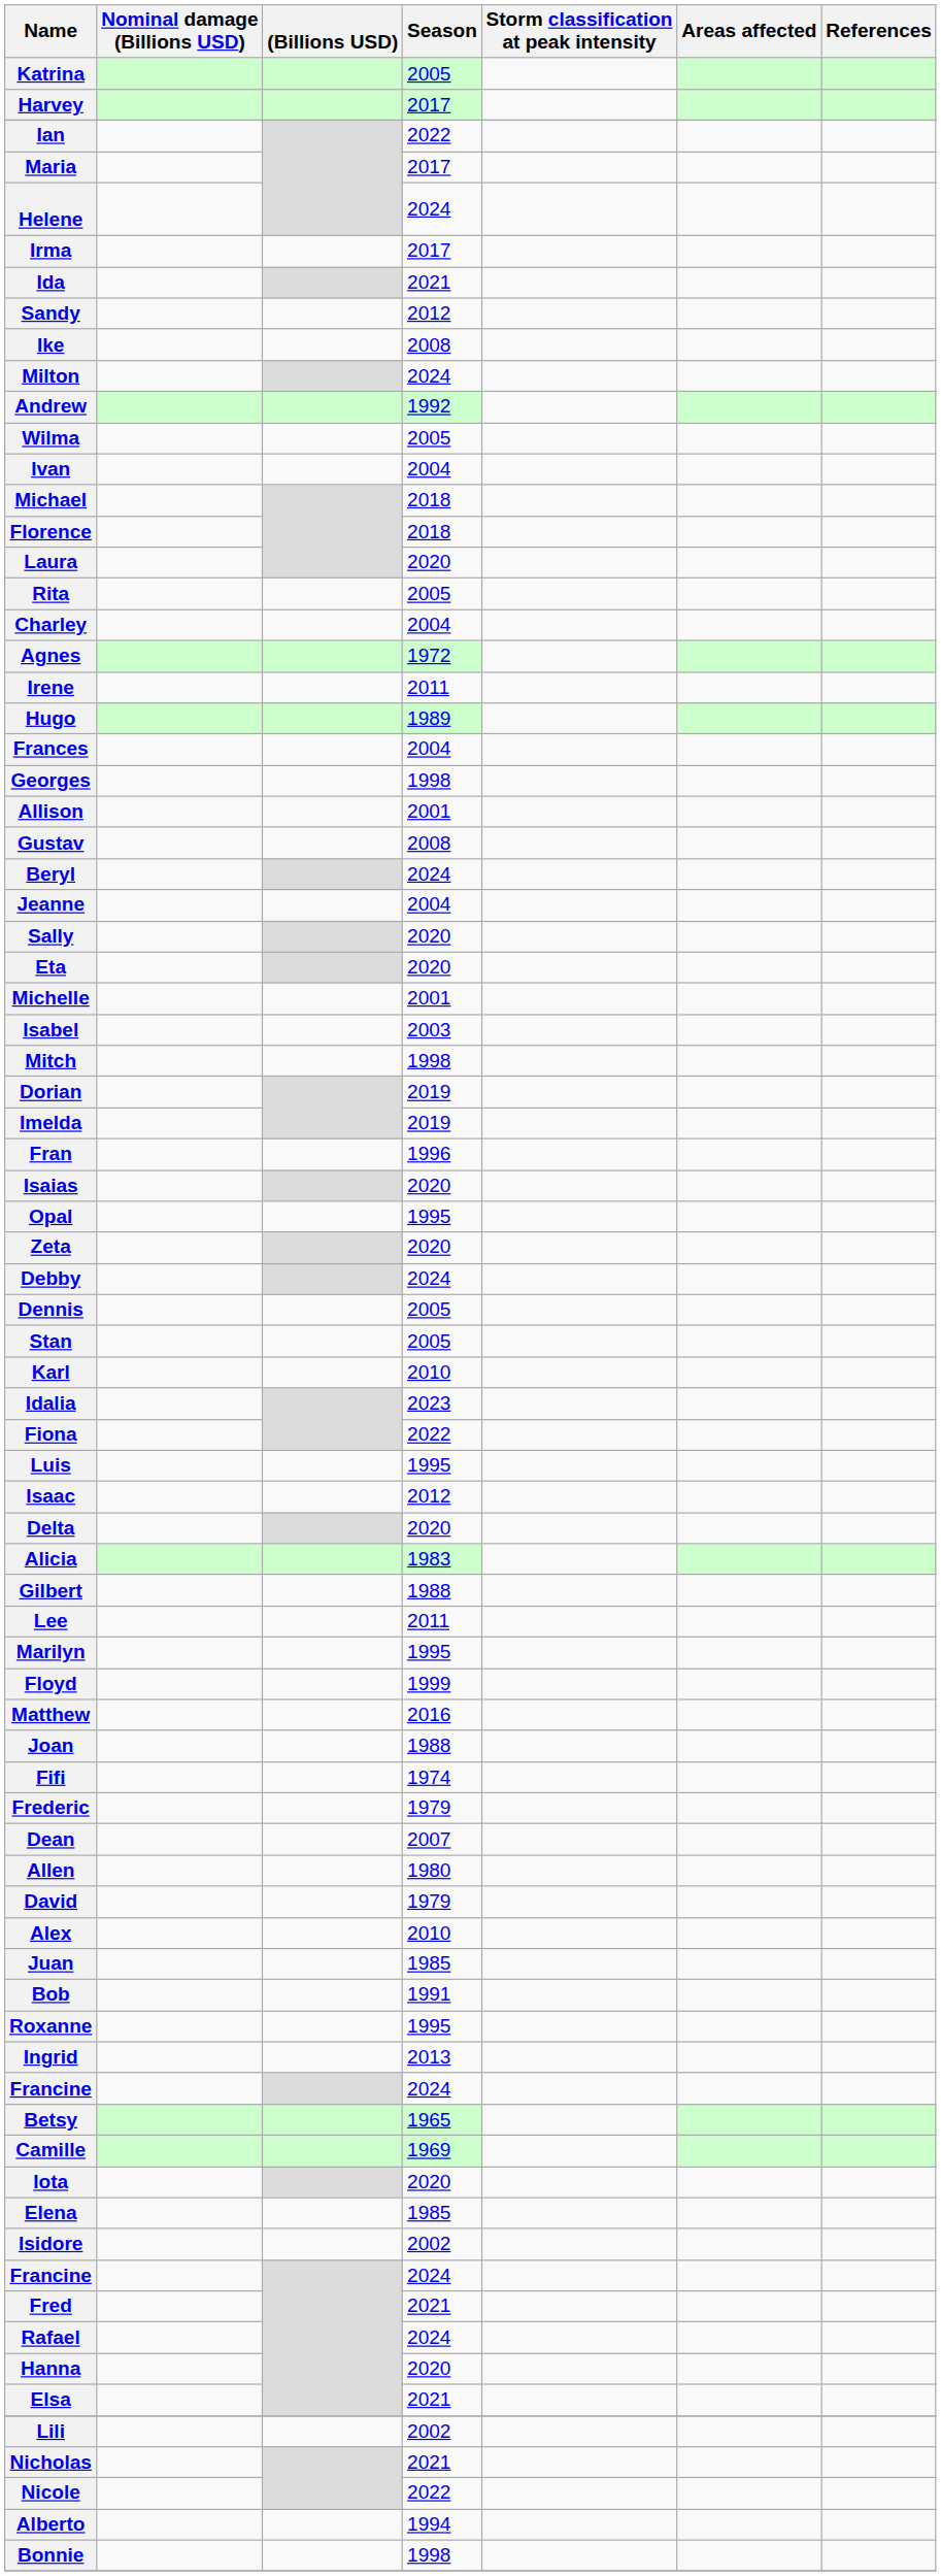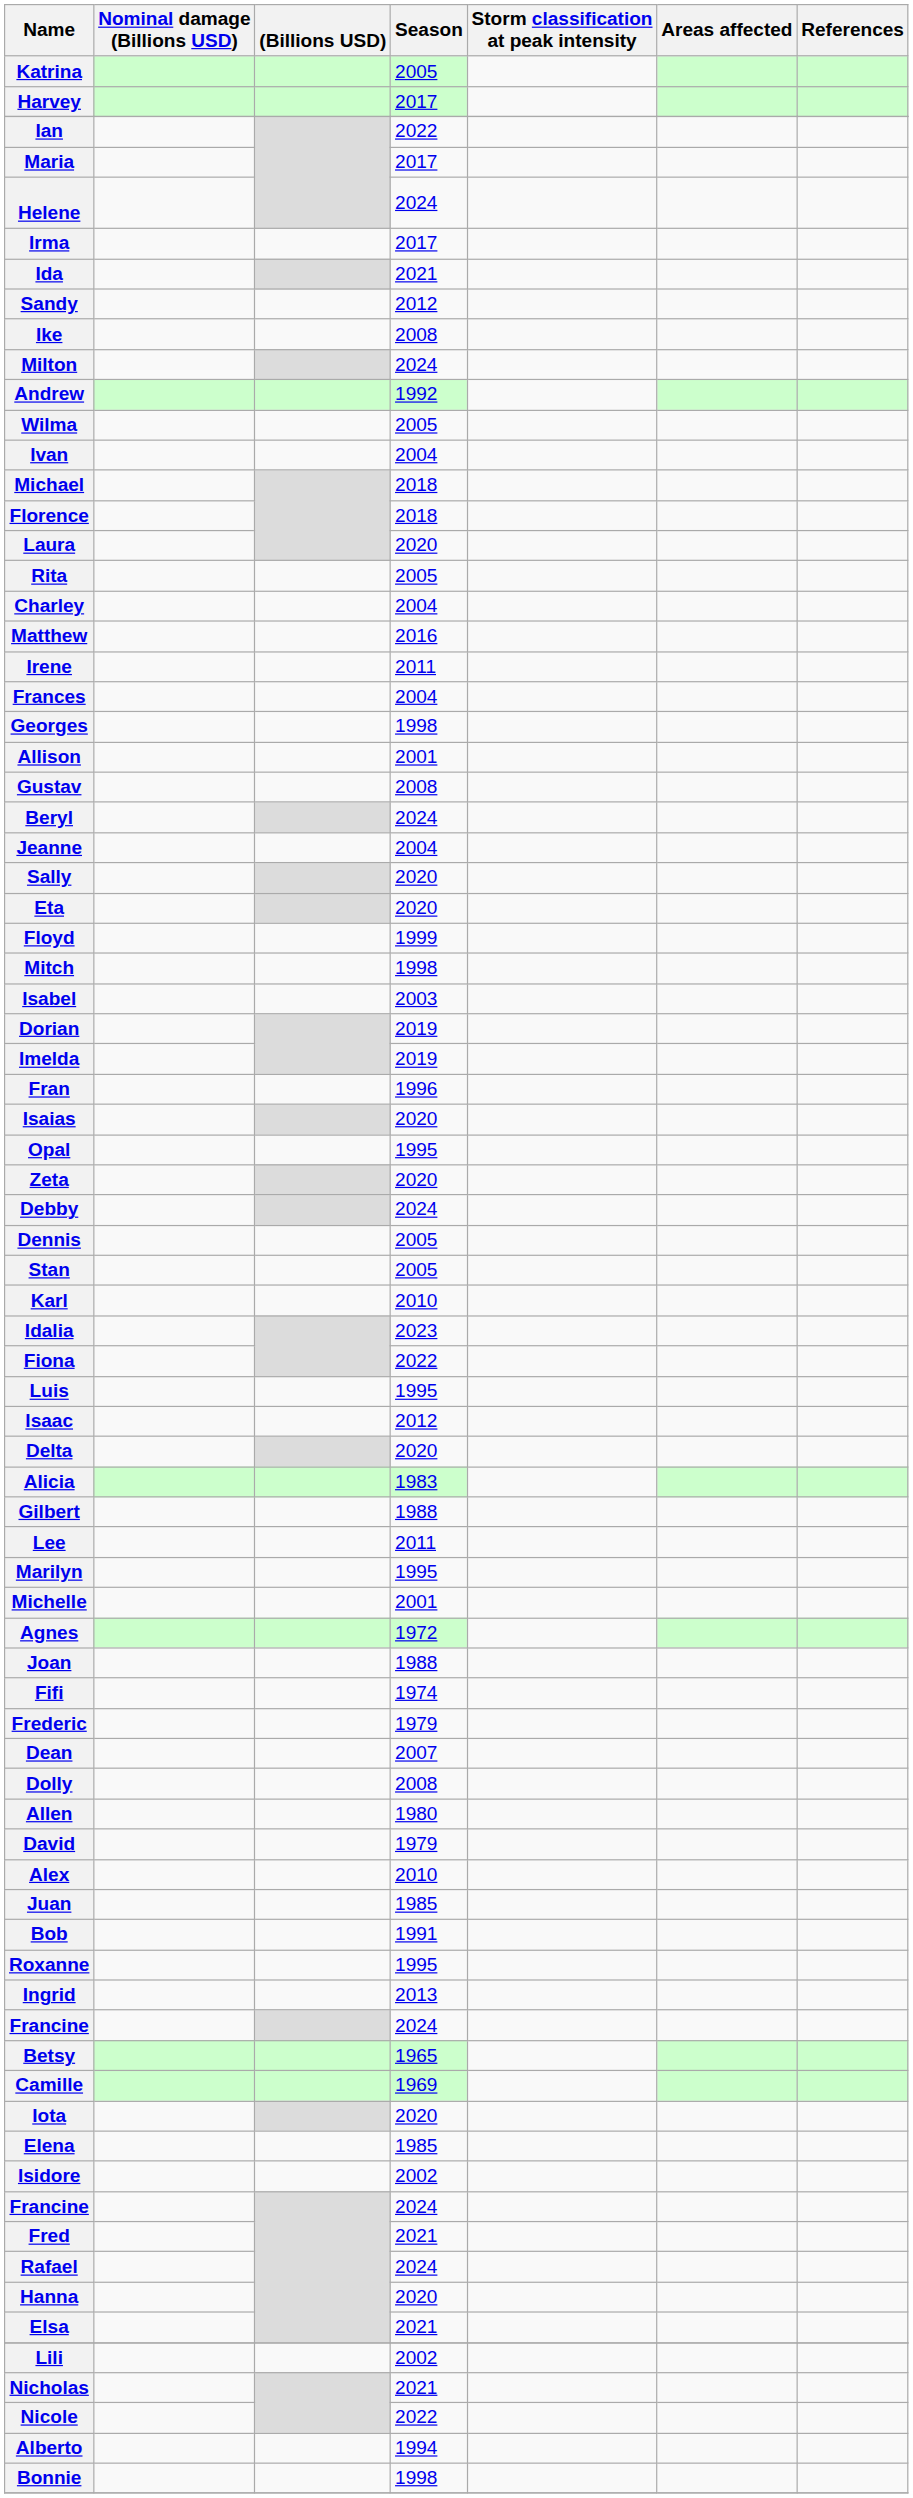 <table class="wikitable sortable mw-collapsible">
 <tr>
 <th scope="col">Name</th>
 <th scope="col"><a href='#'>Nominal</a> damage<br>(Billions <a href='#'>USD</a>)</th>
 <th scope="col"><br>(Billions USD)</th>
 <th scope="col">Season</th>
 <th scope="col">Storm <a href='#'>classification</a><br>at peak intensity</th>
 <th scope="col" class="unsortable">Areas affected</th>
 <th scope="col" class="unsortable">References</th>
 </tr>
 <tr>
 <th scope="row"><a href='#'>Katrina</a></th>
 <td bgcolor=#CCFFCC></td>
 <td bgcolor=#CCFFCC></td>
 <td bgcolor=#CCFFCC><a href='#'>2005</a></td>
 <td></td>
 <td bgcolor=#CCFFCC></td>
 <td bgcolor=#CCFFCC></td>
 </tr>
 <tr>
 <th scope="row"><a href='#'>Harvey</a></th>
 <td bgcolor=#CCFFCC></td>
 <td bgcolor=#CCFFCC></td>
 <td bgcolor=#CCFFCC><a href='#'>2017</a></td>
 <td></td>
 <td bgcolor=#CCFFCC></td>
 <td bgcolor=#CCFFCC></td>
 </tr>
 <tr>
 </tr>
 <tr>
 <th scope="row"><a href='#'>Ian</a></th>
 <td></td>
 <td rowspan=3 bgcolor=#DCDCDC align="center"><em></em></td>
 <td><a href='#'>2022</a></td>
 <td></td>
 <td></td>
 <td></td>
 </tr>
 <tr>
 <th scope="row"><a href='#'>Maria</a></th>
 <td></td>
 <td><a href='#'>2017</a></td>
 <td></td>
 <td></td>
 <td></td>
 </tr>
 <tr>
 <th scope="row"><br><a href='#'>Helene</a></th>
 <td></td>
 <td><a href='#'>2024</a></td>
 <td><br></td>
 <td></td>
 <td></td>
 </tr>
 <tr>
 <th scope="row"><a href='#'>Irma</a></th>
 <td></td>
 <td></td>
 <td><a href='#'>2017</a></td>
 <td></td>
 <td></td>
 <td></td>
 </tr>
 <tr>
 <th scope="row"><a href='#'>Ida</a></th>
 <td></td>
 <td bgcolor=#DCDCDC align="center"><em></em></td>
 <td><a href='#'>2021</a></td>
 <td></td>
 <td></td>
 <td></td>
 </tr>
 <tr>
 <th scope="row"><a href='#'>Sandy</a></th>
 <td></td>
 <td></td>
 <td><a href='#'>2012</a></td>
 <td></td>
 <td></td>
 <td></td>
 </tr>
 <tr>
 <th scope="row"><a href='#'>Ike</a></th>
 <td></td>
 <td></td>
 <td><a href='#'>2008</a></td>
 <td></td>
 <td></td>
 <td></td>
 </tr>
 <tr>
 <th scope="row"><a href='#'>Milton</a></th>
 <td></td>
 <td bgcolor="#DCDCDC" align="center"><em></em></td>
 <td><a href='#'>2024</a></td>
 <td></td>
 <td></td>
 <td></td>
 </tr>
 <tr>
 <th scope="row"><a href='#'>Andrew</a></th>
 <td bgcolor=#CCFFCC></td>
 <td bgcolor=#CCFFCC></td>
 <td bgcolor=#CCFFCC><a href='#'>1992</a></td>
 <td></td>
 <td bgcolor=#CCFFCC></td>
 <td bgcolor=#CCFFCC></td>
 </tr>
 <tr>
 <th scope="row"><a href='#'>Wilma</a></th>
 <td></td>
 <td></td>
 <td><a href='#'>2005</a></td>
 <td></td>
 <td></td>
 <td></td>
 </tr>
 <tr>
 <th scope="row"><a href='#'>Ivan</a></th>
 <td></td>
 <td></td>
 <td><a href='#'>2004</a></td>
 <td></td>
 <td></td>
 <td></td>
 </tr>
 <tr>
 <th scope="row"><a href='#'>Michael</a></th>
 <td></td>
 <td rowspan="3" bgcolor="#DCDCDC" align="center"><em></em></td>
 <td><a href='#'>2018</a></td>
 <td></td>
 <td></td>
 <td></td>
 </tr>
 <tr>
 <th scope="row"><a href='#'>Florence</a></th>
 <td></td>
 <td><a href='#'>2018</a></td>
 <td></td>
 <td></td>
 <td></td>
 </tr>
 <tr>
 <th scope="row"><a href='#'>Laura</a></th>
 <td></td>
 <td><a href='#'>2020</a></td>
 <td></td>
 <td></td>
 <td></td>
 </tr>
 <tr>
 <th scope="row"><a href='#'>Rita</a></th>
 <td></td>
 <td></td>
 <td><a href='#'>2005</a></td>
 <td></td>
 <td></td>
 <td></td>
 </tr>
 <tr>
 <th scope="row"><a href='#'>Charley</a></th>
 <td></td>
 <td></td>
 <td><a href='#'>2004</a></td>
 <td></td>
 <td></td>
 <td></td>
 </tr>
 <tr>
-<th scope="row"><a href='#'>Agnes</a></th>
-<td bgcolor=#CCFFCC></td>
-<td bgcolor=#CCFFCC></td>
-<td bgcolor=#CCFFCC><a href='#'>1972</a></td>
+<th scope="row"><a href='#'>Matthew</a></th>
 <td></td>
-<td bgcolor=#CCFFCC></td>
-<td bgcolor=#CCFFCC></td>
+<td></td>
+<td><a href='#'>2016</a></td>
+<td></td>
+<td></td>
+<td></td>
 </tr>
 <tr>
 <th scope="row"><a href='#'>Irene</a></th>
 <td></td>
 <td></td>
 <td><a href='#'>2011</a></td>
 <td></td>
 <td></td>
 <td></td>
-</tr>
-<tr>
-<th scope="row"><a href='#'>Hugo</a></th>
-<td bgcolor="#CCFFCC"></td>
-<td bgcolor="#CCFFCC"></td>
-<td bgcolor="#CCFFCC"><a href='#'>1989</a></td>
-<td></td>
-<td bgcolor="#CCFFCC"></td>
-<td bgcolor="#CCFFCC"></td>
 </tr>
 <tr>
 <th scope="row"><a href='#'>Frances</a></th>
 <td></td>
 <td></td>
 <td><a href='#'>2004</a></td>
 <td></td>
 <td></td>
 <td></td>
 </tr>
 <tr>
 <th scope="row"><a href='#'>Georges</a></th>
 <td></td>
 <td></td>
 <td><a href='#'>1998</a></td>
 <td></td>
 <td></td>
 <td></td>
 </tr>
 <tr>
 <th scope="row"><a href='#'>Allison</a></th>
 <td></td>
 <td></td>
 <td><a href='#'>2001</a></td>
 <td></td>
 <td></td>
 <td></td>
 </tr>
 <tr>
 <th scope="row"><a href='#'>Gustav</a></th>
 <td></td>
 <td></td>
 <td><a href='#'>2008</a></td>
 <td></td>
 <td></td>
 <td></td>
 </tr>
 <tr>
 <th scope="row"><a href='#'>Beryl</a></th>
 <td></td>
 <td bgcolor=#DCDCDC align="center"><em></em></td>
 <td><a href='#'>2024</a></td>
 <td></td>
 <td></td>
 <td></td>
 </tr>
 <tr>
 <th scope="row"><a href='#'>Jeanne</a></th>
 <td></td>
 <td></td>
 <td><a href='#'>2004</a></td>
 <td></td>
 <td></td>
 <td></td>
 </tr>
 <tr>
 <th scope="row"><a href='#'>Sally</a> </th>
 <td></td>
 <td bgcolor=#DCDCDC align="center"><em></em></td>
 <td><a href='#'>2020</a></td>
 <td></td>
 <td></td>
 <td></td>
 </tr>
 <tr>
 <th scope="row: "><a href='#'>Eta</a></th>
 <td></td>
 <td bgcolor=#DCDCDC align="center"><em></em></td>
 <td><a href='#'>2020</a></td>
 <td></td>
 <td></td>
 <td></td>
 </tr>
 <tr>
-<th scope="row"><a href='#'>Michelle</a></th>
+<th scope="row"><a href='#'>Floyd</a></th>
 <td></td>
 <td></td>
-<td><a href='#'>2001</a></td>
+<td><a href='#'>1999</a></td>
+<td></td>
+<td></td>
+<td></td>
+</tr>
+<tr>
+<th scope="row"><a href='#'>Mitch</a></th>
+<td></td>
+<td></td>
+<td><a href='#'>1998</a></td>
 <td></td>
 <td></td>
 <td></td>
 </tr>
 <tr>
 <th scope="row"><a href='#'>Isabel</a></th>
 <td></td>
 <td></td>
 <td><a href='#'>2003</a></td>
-<td></td>
-<td></td>
-<td></td>
-</tr>
-<tr>
-<th scope="row"><a href='#'>Mitch</a></th>
-<td></td>
-<td></td>
-<td><a href='#'>1998</a></td>
 <td></td>
 <td></td>
 <td></td>
 </tr>
 <tr>
 <th scope="row"><a href='#'>Dorian</a></th>
 <td></td>
 <td rowspan="2" bgcolor="#DCDCDC" align="center"><em></em></td>
 <td><a href='#'>2019</a></td>
 <td></td>
 <td></td>
 <td></td>
 </tr>
 <tr>
 <th><a href='#'>Imelda</a> </th>
 <td></td>
 <td><a href='#'>2019</a></td>
 <td></td>
 <td></td>
 <td></td>
 </tr>
 <tr>
 <th scope="row"><a href='#'>Fran</a></th>
 <td></td>
 <td></td>
 <td><a href='#'>1996</a></td>
 <td></td>
 <td></td>
 <td></td>
 </tr>
 <tr>
 <th scope="row"><a href='#'>Isaias</a> </th>
 <td></td>
 <td bgcolor=#DCDCDC align="center"><em></em></td>
 <td><a href='#'>2020</a></td>
 <td></td>
 <td></td>
 <td></td>
 </tr>
 <tr>
 <th scope="row"><a href='#'>Opal</a></th>
 <td></td>
 <td></td>
 <td><a href='#'>1995</a></td>
 <td></td>
 <td></td>
 <td></td>
 </tr>
 <tr>
 <th scope="row"><a href='#'>Zeta</a> </th>
 <td></td>
 <td bgcolor=#DCDCDC align="center"><em></em></td>
 <td><a href='#'>2020</a></td>
 <td></td>
 <td></td>
 <td></td>
 </tr>
 <tr>
 <th scope="row"><a href='#'>Debby</a> </th>
 <td></td>
 <td bgcolor=#DCDCDC align="center"><em></em></td>
 <td><a href='#'>2024</a></td>
 <td></td>
 <td></td>
 <td></td>
 </tr>
 <tr>
 <th scope="row"><a href='#'>Dennis</a></th>
 <td></td>
 <td></td>
 <td><a href='#'>2005</a></td>
 <td></td>
 <td></td>
 <td></td>
 </tr>
 <tr>
 <th scope="row"><a href='#'>Stan</a></th>
 <td></td>
 <td></td>
 <td><a href='#'>2005</a></td>
 <td></td>
 <td></td>
 <td></td>
 </tr>
 <tr>
 <th scope="row"><a href='#'>Karl</a> </th>
 <td></td>
 <td></td>
 <td><a href='#'>2010</a></td>
 <td></td>
 <td></td>
 <td></td>
 </tr>
 <tr>
 <th scope="row"><a href='#'>Idalia</a> </th>
 <td></td>
 <td rowspan="2" bgcolor="#DCDCDC" align="center"><em></em></td>
 <td><a href='#'>2023</a></td>
 <td></td>
 <td></td>
 <td></td>
 </tr>
 <tr>
 <th scope="row"><a href='#'>Fiona</a></th>
 <td></td>
 <td><a href='#'>2022</a></td>
 <td></td>
 <td></td>
 <td></td>
 </tr>
 <tr>
 <th scope="row"><a href='#'>Luis</a></th>
 <td></td>
 <td></td>
 <td><a href='#'>1995</a></td>
 <td></td>
 <td></td>
 <td></td>
 </tr>
 <tr>
 <th scope="row"><a href='#'>Isaac</a> </th>
 <td></td>
 <td></td>
 <td><a href='#'>2012</a></td>
 <td></td>
 <td></td>
 <td></td>
 </tr>
 <tr>
 <th scope="row"><a href='#'>Delta</a> </th>
 <td></td>
 <td bgcolor=#DCDCDC align="center"><em></em></td>
 <td><a href='#'>2020</a></td>
 <td></td>
 <td></td>
 <td></td>
 </tr>
 <tr>
 <th scope="row"><a href='#'>Alicia</a></th>
 <td bgcolor=#CCFFCC></td>
 <td bgcolor=#CCFFCC></td>
 <td bgcolor=#CCFFCC><a href='#'>1983</a></td>
 <td></td>
 <td bgcolor=#CCFFCC></td>
 <td bgcolor=#CCFFCC></td>
 </tr>
 <tr>
 <th scope="row"><a href='#'>Gilbert</a></th>
 <td></td>
 <td></td>
 <td><a href='#'>1988</a></td>
 <td></td>
 <td></td>
 <td></td>
 </tr>
 <tr>
 <th scope="row"><a href='#'>Lee</a> </th>
 <td></td>
 <td></td>
 <td><a href='#'>2011</a></td>
 <td></td>
 <td></td>
 <td></td>
 </tr>
 <tr>
 <th scope="row"><a href='#'>Marilyn</a></th>
 <td></td>
 <td></td>
 <td><a href='#'>1995</a></td>
 <td></td>
 <td></td>
 <td></td>
 </tr>
 <tr>
-<th scope="row"><a href='#'>Floyd</a></th>
+<th scope="row"><a href='#'>Michelle</a></th>
 <td></td>
 <td></td>
-<td><a href='#'>1999</a></td>
+<td><a href='#'>2001</a></td>
 <td></td>
 <td></td>
 <td></td>
 </tr>
 <tr>
-<th scope="row"><a href='#'>Matthew</a></th>
+<th scope="row"><a href='#'>Agnes</a></th>
+<td bgcolor=#CCFFCC></td>
+<td bgcolor=#CCFFCC></td>
+<td bgcolor=#CCFFCC><a href='#'>1972</a></td>
 <td></td>
-<td></td>
-<td><a href='#'>2016</a></td>
-<td></td>
-<td></td>
-<td></td>
+<td bgcolor=#CCFFCC></td>
+<td bgcolor=#CCFFCC></td>
 </tr>
 <tr>
 <th scope="row"><a href='#'>Joan</a></th>
 <td></td>
 <td></td>
 <td><a href='#'>1988</a></td>
 <td></td>
 <td></td>
 <td></td>
 </tr>
 <tr>
 <th scope="row"><a href='#'>Fifi</a></th>
 <td></td>
 <td></td>
 <td><a href='#'>1974</a></td>
 <td></td>
 <td></td>
 <td></td>
 </tr>
 <tr>
 <th scope="row"><a href='#'>Frederic</a></th>
 <td></td>
 <td></td>
 <td><a href='#'>1979</a></td>
 <td></td>
 <td></td>
 <td></td>
 </tr>
 <tr>
 <th scope="row"><a href='#'>Dean</a></th>
 <td></td>
 <td></td>
 <td><a href='#'>2007</a></td>
+<td></td>
+<td></td>
+<td></td>
+</tr>
+<tr>
+<th scope="row"><a href='#'>Dolly</a> </th>
+<td></td>
+<td></td>
+<td><a href='#'>2008</a></td>
 <td></td>
 <td></td>
 <td></td>
 </tr>
 <tr>
 <th scope="row"><a href='#'>Allen</a></th>
 <td></td>
 <td></td>
 <td><a href='#'>1980</a></td>
 <td></td>
 <td></td>
 <td></td>
 </tr>
 <tr>
 <th scope="row"><a href='#'>David</a></th>
 <td></td>
 <td></td>
 <td><a href='#'>1979</a></td>
 <td></td>
 <td></td>
 <td></td>
 </tr>
 <tr>
 <th scope="row"><a href='#'>Alex</a> </th>
 <td></td>
 <td></td>
 <td><a href='#'>2010</a></td>
 <td></td>
 <td></td>
 <td></td>
 </tr>
 <tr>
 <th scope="row"><a href='#'>Juan</a> </th>
 <td></td>
 <td></td>
 <td><a href='#'>1985</a></td>
 <td></td>
 <td></td>
 <td></td>
 </tr>
 <tr>
 <th scope="row"><a href='#'>Bob</a></th>
 <td></td>
 <td></td>
 <td><a href='#'>1991</a></td>
 <td></td>
 <td></td>
 <td></td>
 </tr>
 <tr>
 <th scope="row"><a href='#'>Roxanne</a></th>
 <td></td>
 <td></td>
 <td><a href='#'>1995</a></td>
 <td></td>
 <td></td>
 <td></td>
 </tr>
 <tr>
 <th scope="row"><a href='#'>Ingrid</a></th>
 <td></td>
 <td></td>
 <td><a href='#'>2013</a></td>
 <td></td>
 <td></td>
 <td></td>
 </tr>
 <tr>
 <th scope="row"><a href='#'>Francine</a></th>
 <td></td>
 <td bgcolor=#DCDCDC align="center"><em></em></td>
 <td><a href='#'>2024</a></td>
 <td></td>
 <td></td>
 <td></td>
 </tr>
 <tr>
 <th scope="row"><a href='#'>Betsy</a></th>
 <td bgcolor=#CCFFCC> </td>
 <td bgcolor=#CCFFCC></td>
 <td bgcolor=#CCFFCC><a href='#'>1965</a></td>
 <td></td>
 <td bgcolor=#CCFFCC></td>
 <td bgcolor=#CCFFCC></td>
 </tr>
 <tr>
 <th scope="row"><a href='#'>Camille</a></th>
 <td bgcolor=#CCFFCC> </td>
 <td bgcolor=#CCFFCC></td>
 <td bgcolor=#CCFFCC><a href='#'>1969</a></td>
 <td></td>
 <td bgcolor=#CCFFCC></td>
 <td bgcolor=#CCFFCC></td>
 </tr>
 <tr>
 <th scope="row"><a href='#'>Iota</a></th>
 <td></td>
 <td bgcolor=#DCDCDC align="center"><em></em></td>
 <td><a href='#'>2020</a></td>
 <td></td>
 <td></td>
 <td></td>
 </tr>
 <tr>
 <th scope="row"><a href='#'>Elena</a></th>
 <td></td>
 <td></td>
 <td><a href='#'>1985</a></td>
 <td></td>
 <td></td>
 <td></td>
 </tr>
 <tr>
 <th scope="row"><a href='#'>Isidore</a></th>
 <td></td>
 <td></td>
 <td><a href='#'>2002</a></td>
 <td></td>
 <td></td>
 <td></td>
 </tr>
 <tr>
 <th scope="row"><a href='#'>Francine</a></th>
 <td></td>
 <td rowspan="5" bgcolor="#DCDCDC" align="center"><em></em></td>
 <td><a href='#'>2024</a></td>
 <td></td>
 <td></td>
 <td></td>
 </tr>
 <tr>
 <th scope="row"><a href='#'>Fred</a> </th>
 <td></td>
 <td><a href='#'>2021</a></td>
 <td></td>
 <td></td>
 <td></td>
 </tr>
 <tr>
 <th scope="row"><a href='#'>Rafael</a> </th>
 <td></td>
 <td><a href='#'>2024</a></td>
 <td></td>
 <td></td>
 <td></td>
 </tr>
 <tr>
 <th scope="row"><a href='#'>Hanna</a> </th>
 <td></td>
 <td><a href='#'>2020</a></td>
 <td></td>
 <td></td>
 <td></td>
 </tr>
 <tr>
 <th scope="row"><a href='#'>Elsa</a> </th>
 <td></td>
 <td><a href='#'>2021</a></td>
 <td></td>
 <td></td>
 <td></td>
 </tr>
 <tr>
 </tr>
 <tr>
 <th scope="row"><a href='#'>Lili</a></th>
 <td></td>
 <td></td>
 <td><a href='#'>2002</a></td>
 <td></td>
 <td></td>
 <td></td>
 </tr>
 <tr>
 <th scope="row"><a href='#'>Nicholas</a> </th>
 <td></td>
 <td rowspan="2" bgcolor="#DCDCDC" align="center"><em></em></td>
 <td><a href='#'>2021</a></td>
 <td></td>
 <td></td>
 <td></td>
 </tr>
 <tr>
 <th scope="row"><a href='#'>Nicole</a> </th>
 <td></td>
 <td><a href='#'>2022</a></td>
 <td></td>
 <td></td>
 <td></td>
 </tr>
 <tr>
 <th scope="row"><a href='#'>Alberto</a> </th>
 <td></td>
 <td></td>
 <td><a href='#'>1994</a></td>
 <td></td>
 <td></td>
 <td></td>
 </tr>
 <tr>
 <th scope="row"><a href='#'>Bonnie</a> </th>
 <td></td>
 <td></td>
 <td><a href='#'>1998</a></td>
 <td></td>
 <td></td>
 <td></td>
 </tr>
 <tr>
 </tr>
 </table>
